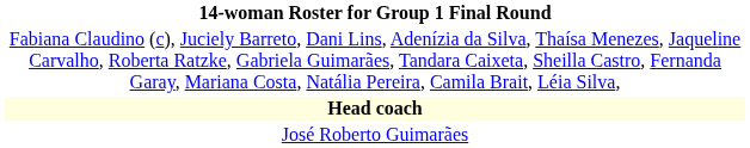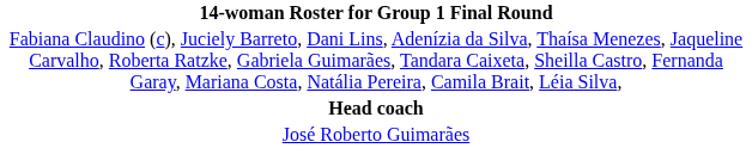 <table style="text-align:center;margin-top:2em;margin-left:auto;margin-right:auto">
 <tr>
 <td><strong>14-woman Roster for Group 1 Final Round</strong></td>
 </tr>
 <tr>
 <td><a href='#'>Fabiana Claudino</a> (<a href='#'>c</a>), <a href='#'>Juciely Barreto</a>, <a href='#'>Dani Lins</a>, <a href='#'>Adenízia da Silva</a>, <a href='#'>Thaísa Menezes</a>, <a href='#'>Jaqueline Carvalho</a>, <a href='#'>Roberta Ratzke</a>, <a href='#'>Gabriela Guimarães</a>, <a href='#'>Tandara Caixeta</a>, <a href='#'>Sheilla Castro</a>, <a href='#'>Fernanda Garay</a>, <a href='#'>Mariana Costa</a>, <a href='#'>Natália Pereira</a>, <a href='#'>Camila Brait</a>, <a href='#'>Léia Silva</a>,</td>
 </tr>
 <tr>
-<td style="background: lightyellow;"><strong>Head coach</strong></td>
+<td><strong>Head coach</strong></td>
 </tr>
 <tr>
 <td><a href='#'>José Roberto Guimarães</a></td>
 </tr>
 </table>
